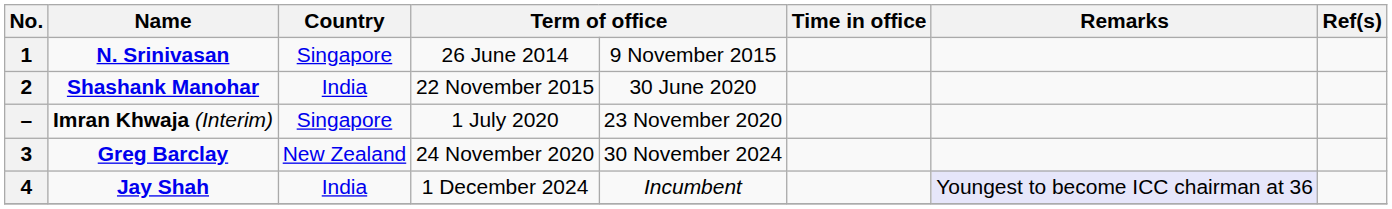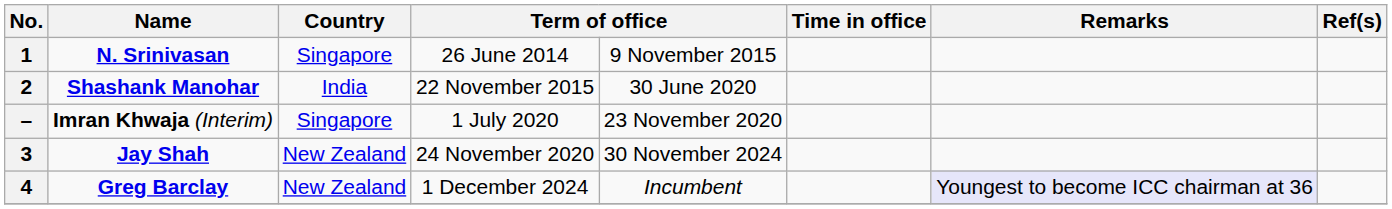 <table class="wikitable" style="text-align:center">
 <tr>
 <th>No.</th>
 <th>Name</th>
 <th>Country</th>
 <th colspan="2">Term of office</th>
 <th>Time in office</th>
 <th>Remarks</th>
 <th>Ref(s)</th>
 </tr>
 <tr>
 <th style="background:">1</th>
 <td><strong><a href='#'>N. Srinivasan</a></strong></td>
 <td> <a href='#'>Singapore</a></td>
 <td>26 June 2014</td>
 <td>9 November 2015</td>
 <td></td>
 <td></td>
 <td></td>
 </tr>
 <tr>
 <th style="background:">2</th>
 <td><strong><a href='#'>Shashank Manohar</a></strong></td>
 <td> <a href='#'>India</a></td>
 <td>22 November 2015</td>
 <td>30 June 2020</td>
 <td></td>
 <td></td>
 <td></td>
 </tr>
 <tr>
 <th style="background:">–</th>
 <td><strong>Imran Khwaja</strong> <em>(Interim)</em></td>
 <td> <a href='#'>Singapore</a></td>
 <td>1 July 2020</td>
 <td>23 November 2020</td>
 <td></td>
 <td></td>
 <td></td>
 </tr>
 <tr>
 <th style="background:">3</th>
-<td><strong><a href='#'>Greg Barclay</a></strong></td>
+<td><strong><a href='#'>Jay Shah</a></strong></td>
 <td> <a href='#'>New Zealand</a></td>
 <td>24 November 2020</td>
 <td>30 November 2024</td>
 <td></td>
 <td></td>
 <td></td>
 </tr>
 <tr>
 <th style="background:">4</th>
-<td><strong><a href='#'>Jay Shah</a></strong></td>
-<td> <a href='#'>India</a></td>
+<td><strong><a href='#'>Greg Barclay</a></strong></td>
+<td> <a href='#'>New Zealand</a></td>
 <td>1 December 2024</td>
 <td><em>Incumbent</em></td>
 <td></td>
 <td style="background: lavender;">Youngest to become ICC chairman at 36</td>
 <td></td>
 </tr>
 <tr>
 </tr>
 </table>
